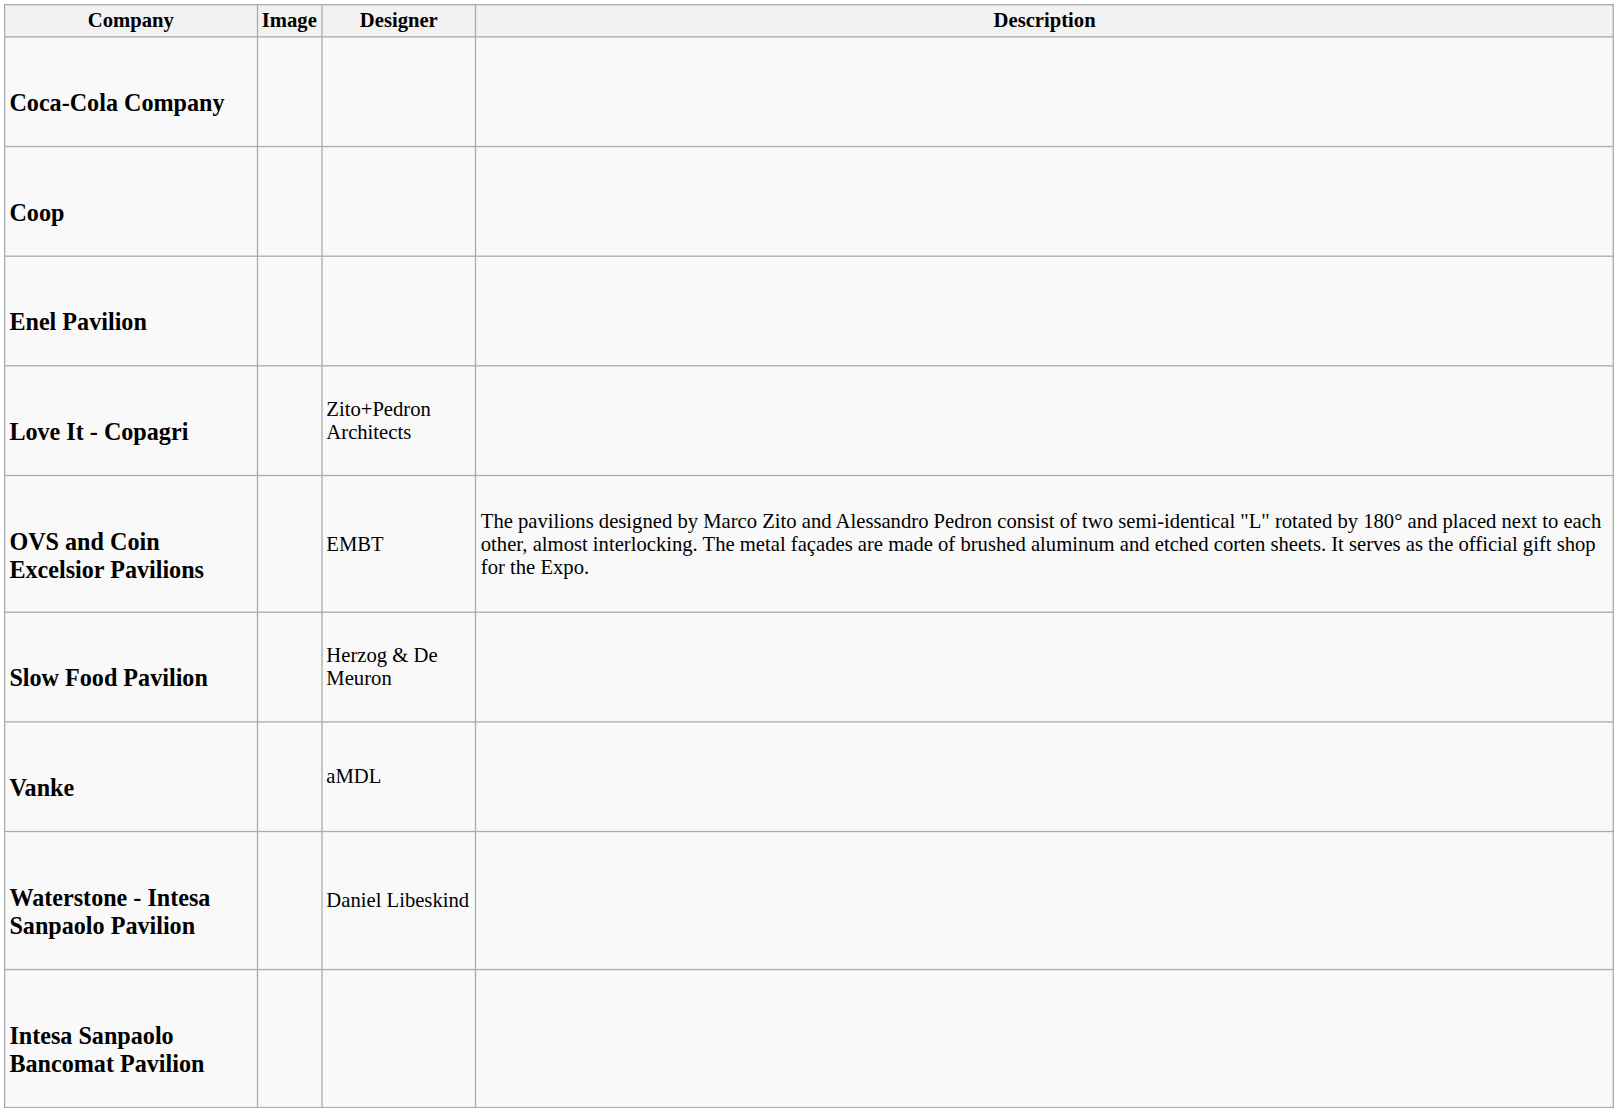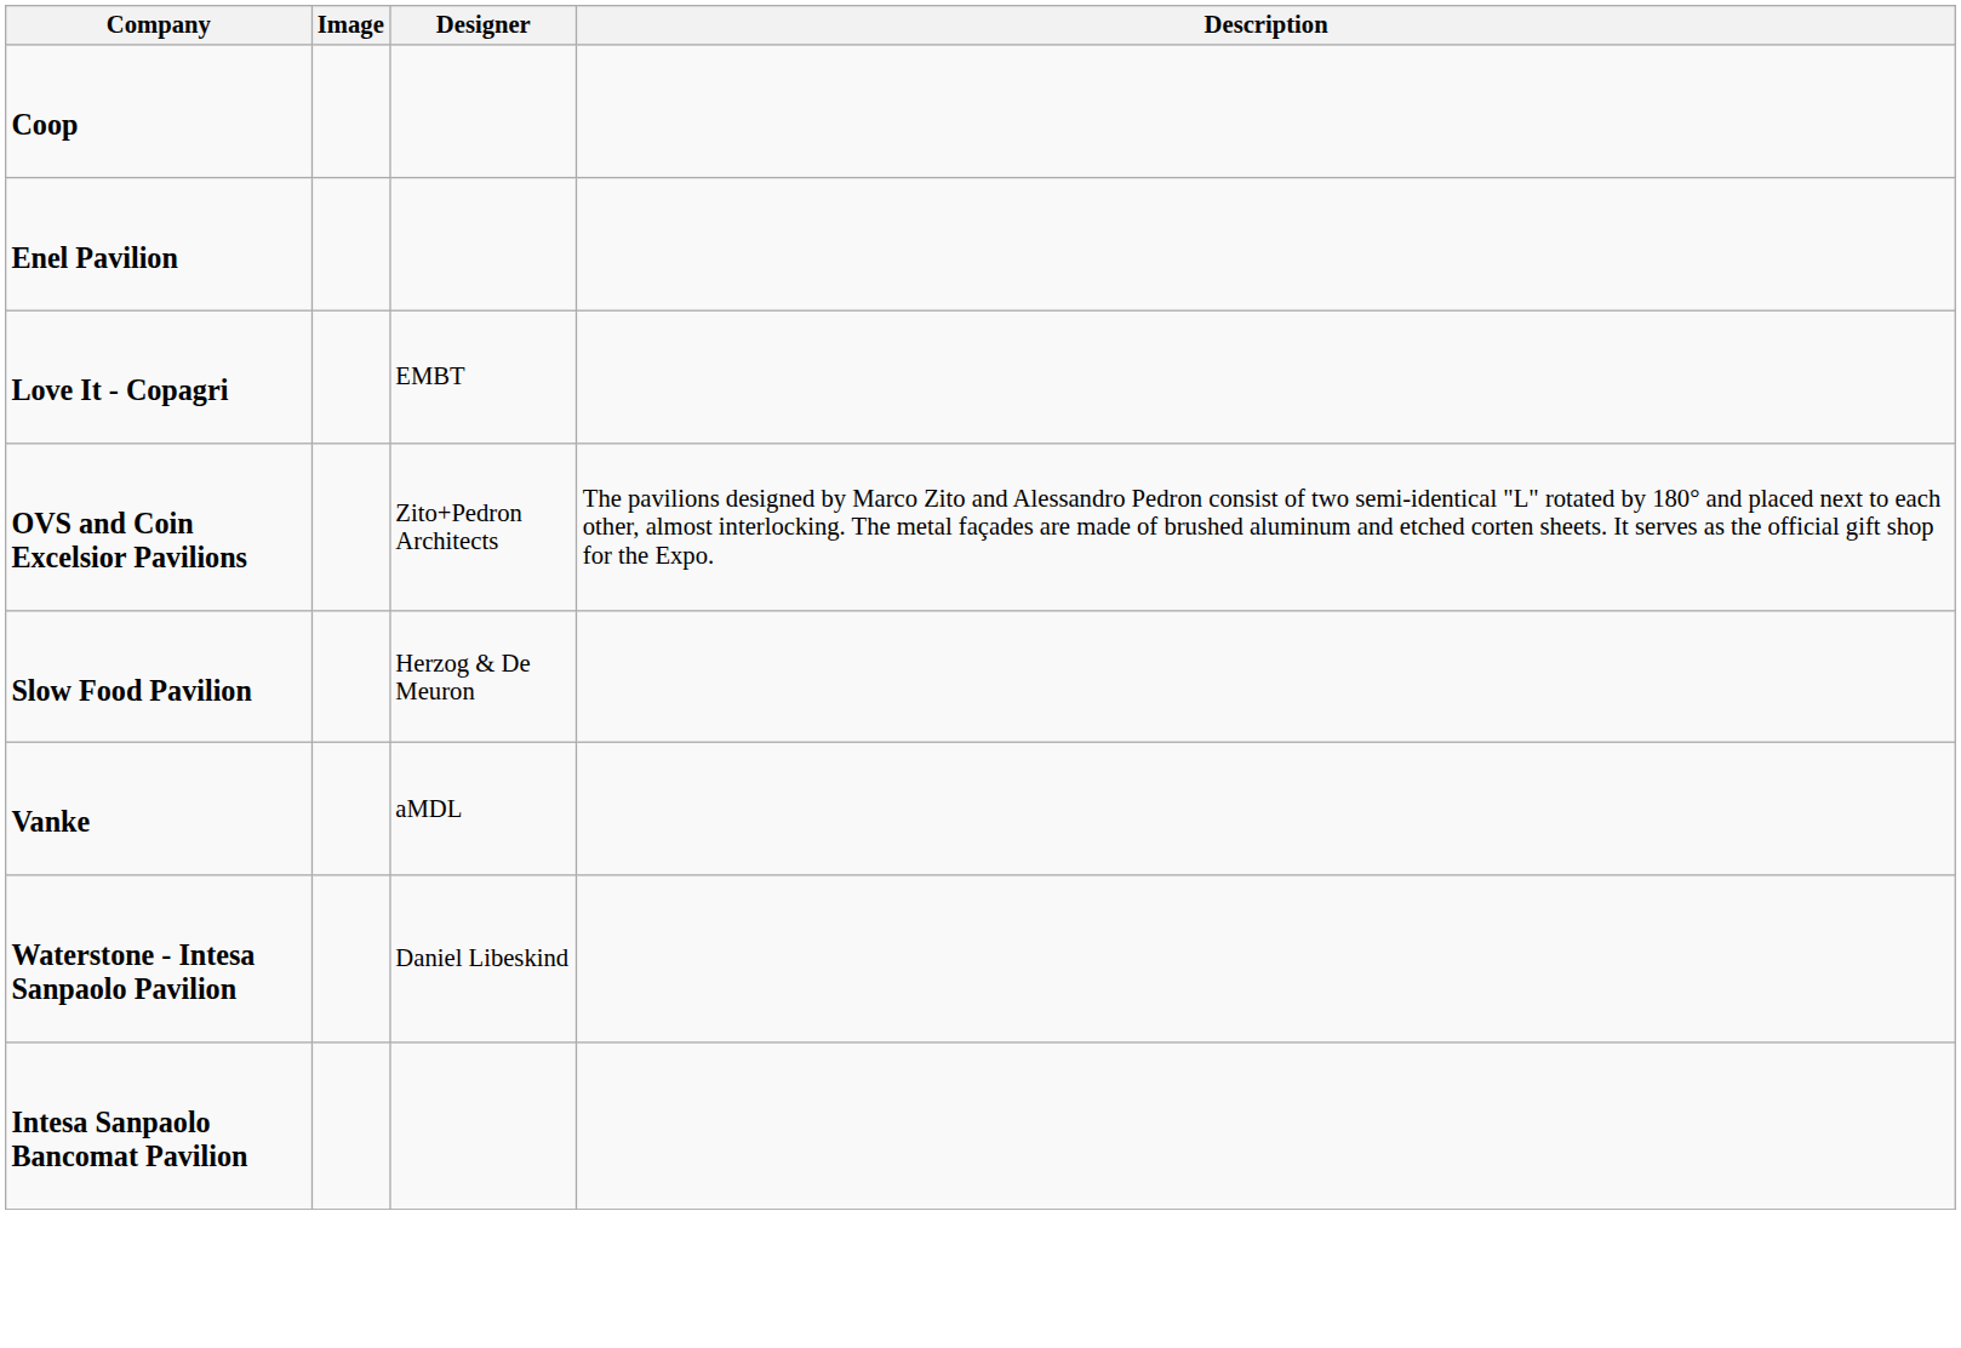 <table class="wikitable sortable">
 <tr>
 <th>Company</th>
 <th>Image</th>
 <th>Designer</th>
 <th>Description</th>
-</tr>
-<tr>
-<td><br><h3>Coca-Cola Company</h3></td>
-<td></td>
-<td></td>
-<td></td>
 </tr>
 <tr>
 <td><br><h3>Coop</h3></td>
 <td></td>
 <td></td>
 <td></td>
 </tr>
 <tr>
 <td><br><h3>Enel Pavilion</h3></td>
 <td></td>
 <td></td>
 <td></td>
 </tr>
 <tr>
 <td><br><h3>Love It - Copagri</h3></td>
 <td></td>
-<td>Zito+Pedron Architects</td>
+<td>EMBT</td>
 <td></td>
 </tr>
 <tr>
 <td><br><h3>OVS and Coin Excelsior Pavilions</h3></td>
 <td></td>
-<td>EMBT</td>
+<td>Zito+Pedron Architects</td>
 <td>The pavilions designed by Marco Zito and Alessandro Pedron consist of two semi-identical "L" rotated by 180° and placed next to each other, almost interlocking. The metal façades are made of brushed aluminum and etched corten sheets. It serves as the official gift shop for the Expo.</td>
 </tr>
 <tr>
 <td><br><h3>Slow Food Pavilion</h3></td>
 <td></td>
 <td>Herzog & De Meuron</td>
 <td></td>
 </tr>
 <tr>
 <td><br><h3>Vanke</h3></td>
 <td></td>
 <td>aMDL</td>
 <td></td>
 </tr>
 <tr>
 <td><br><h3>Waterstone - Intesa Sanpaolo Pavilion</h3></td>
 <td></td>
 <td>Daniel Libeskind</td>
 <td></td>
 </tr>
 <tr>
 <td><br><h3>Intesa Sanpaolo Bancomat Pavilion</h3></td>
 <td></td>
 <td></td>
 <td></td>
 </tr>
 <tr>
 </tr>
 </table>
